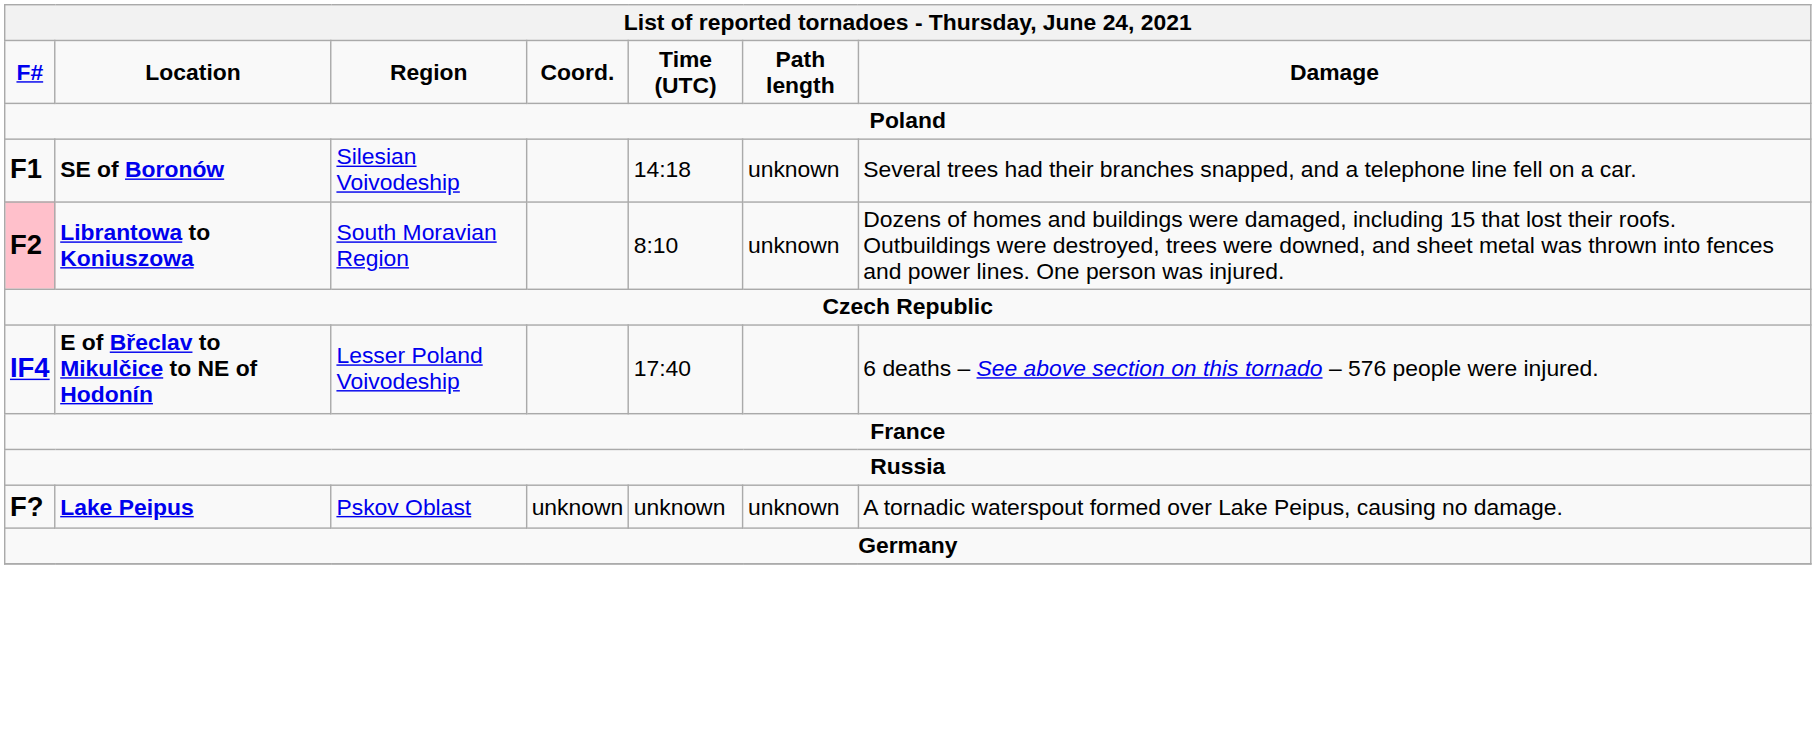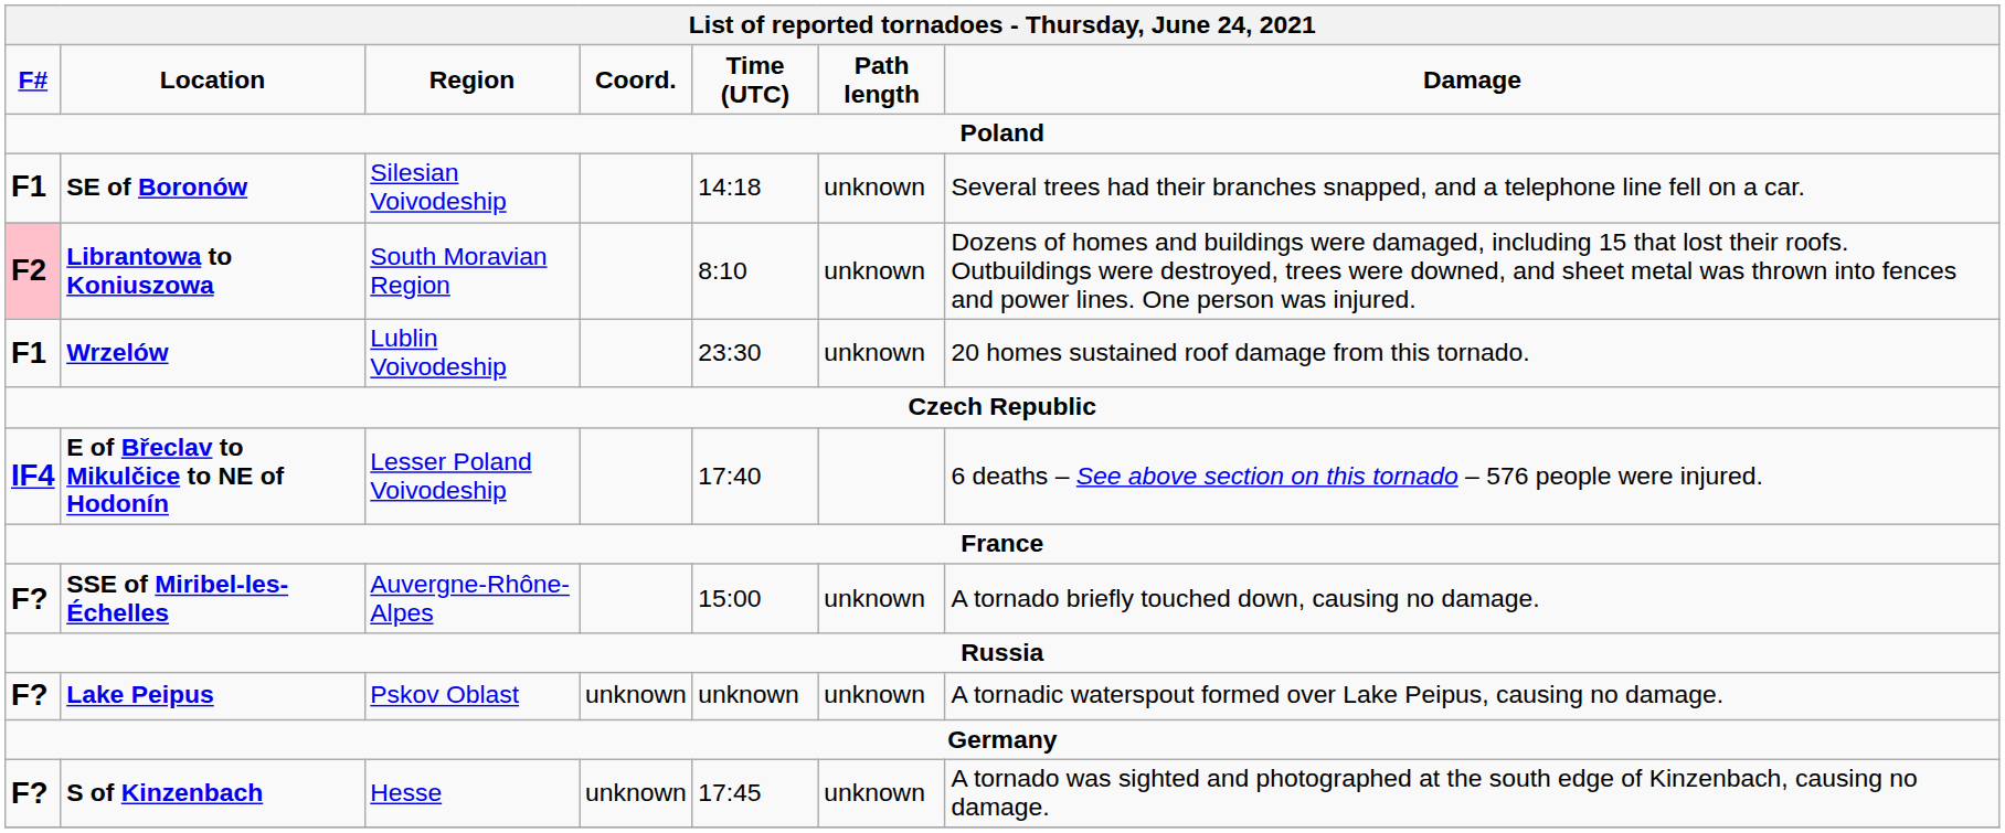 <table class="wikitable" width="100%">
 <tr>
 <th colspan="7">List of reported tornadoes - Thursday, June 24, 2021</th>
 </tr>
 <tr>
 <td style="text-align: center;"><strong><a href='#'>F#</a></strong></td>
 <td style="text-align: center;"><strong>Location</strong></td>
 <td style="text-align: center;"><strong>Region</strong></td>
 <td style="text-align: center;"><strong>Coord.</strong></td>
 <td style="text-align: center;"><strong>Time (UTC)</strong></td>
 <td style="text-align: center;"><strong>Path length</strong></td>
 <td style="text-align: center;"><strong>Damage</strong></td>
 </tr>
 <tr>
 <td colspan="7" align=center><strong>Poland</strong></td>
 </tr>
 <tr>
 <td><big><strong>F1</strong></big></td>
 <td><strong>SE of <a href='#'>Boronów</a></strong></td>
 <td><a href='#'>Silesian Voivodeship</a></td>
 <td></td>
 <td>14:18</td>
 <td>unknown</td>
 <td>Several trees had their branches snapped, and a telephone line fell on a car.</td>
 </tr>
 <tr>
 <td style="background: pink;"><big><strong>F2</strong></big></td>
 <td><strong><a href='#'>Librantowa</a> to <a href='#'>Koniuszowa</a></strong></td>
 <td><a href='#'>South Moravian Region</a></td>
 <td></td>
 <td>8:10</td>
 <td>unknown</td>
 <td>Dozens of homes and buildings were damaged, including 15 that lost their roofs. Outbuildings were destroyed, trees were downed, and sheet metal was thrown into fences and power lines. One person was injured.</td>
 </tr>
 <tr>
+<td><big><strong>F1</strong></big></td>
+<td><strong><a href='#'>Wrzelów</a></strong></td>
+<td><a href='#'>Lublin Voivodeship</a></td>
+<td></td>
+<td>23:30</td>
+<td>unknown</td>
+<td>20 homes sustained roof damage from this tornado.</td>
+</tr>
+<tr>
 <td colspan="7" align=center><strong>Czech Republic</strong></td>
 </tr>
 <tr>
 <td><big><strong><a href='#'>IF4</a></strong></big></td>
 <td><strong>E of <a href='#'>Břeclav</a> to <a href='#'>Mikulčice</a> to NE of <a href='#'>Hodonín</a></strong></td>
 <td><a href='#'>Lesser Poland Voivodeship</a></td>
 <td></td>
 <td>17:40</td>
 <td></td>
 <td>6 deaths – <em><a href='#'>See above section on this tornado</a></em> – 576 people were injured.</td>
 </tr>
 <tr>
 <td colspan="7" align=center><strong>France</strong></td>
+</tr>
+<tr>
+<td><big><strong>F?</strong></big></td>
+<td><strong>SSE of <a href='#'>Miribel-les-Échelles</a></strong></td>
+<td><a href='#'>Auvergne-Rhône-Alpes</a></td>
+<td></td>
+<td>15:00</td>
+<td>unknown</td>
+<td>A tornado briefly touched down, causing no damage.</td>
 </tr>
 <tr>
 <td colspan="7" align=center><strong>Russia</strong></td>
 </tr>
 <tr>
 <td><big><strong>F?</strong></big></td>
 <td><strong><a href='#'>Lake Peipus</a></strong></td>
 <td><a href='#'>Pskov Oblast</a></td>
 <td>unknown</td>
 <td>unknown</td>
 <td>unknown</td>
 <td>A tornadic waterspout formed over Lake Peipus, causing no damage.</td>
 </tr>
 <tr>
 <td colspan="7" align=center><strong>Germany</strong></td>
 </tr>
 <tr>
+<td><big><strong>F?</strong></big></td>
+<td><strong>S of <a href='#'>Kinzenbach</a></strong></td>
+<td><a href='#'>Hesse</a></td>
+<td>unknown</td>
+<td>17:45</td>
+<td>unknown</td>
+<td>A tornado was sighted and photographed at the south edge of Kinzenbach, causing no damage.</td>
+</tr>
+<tr>
 </tr>
 </table>
